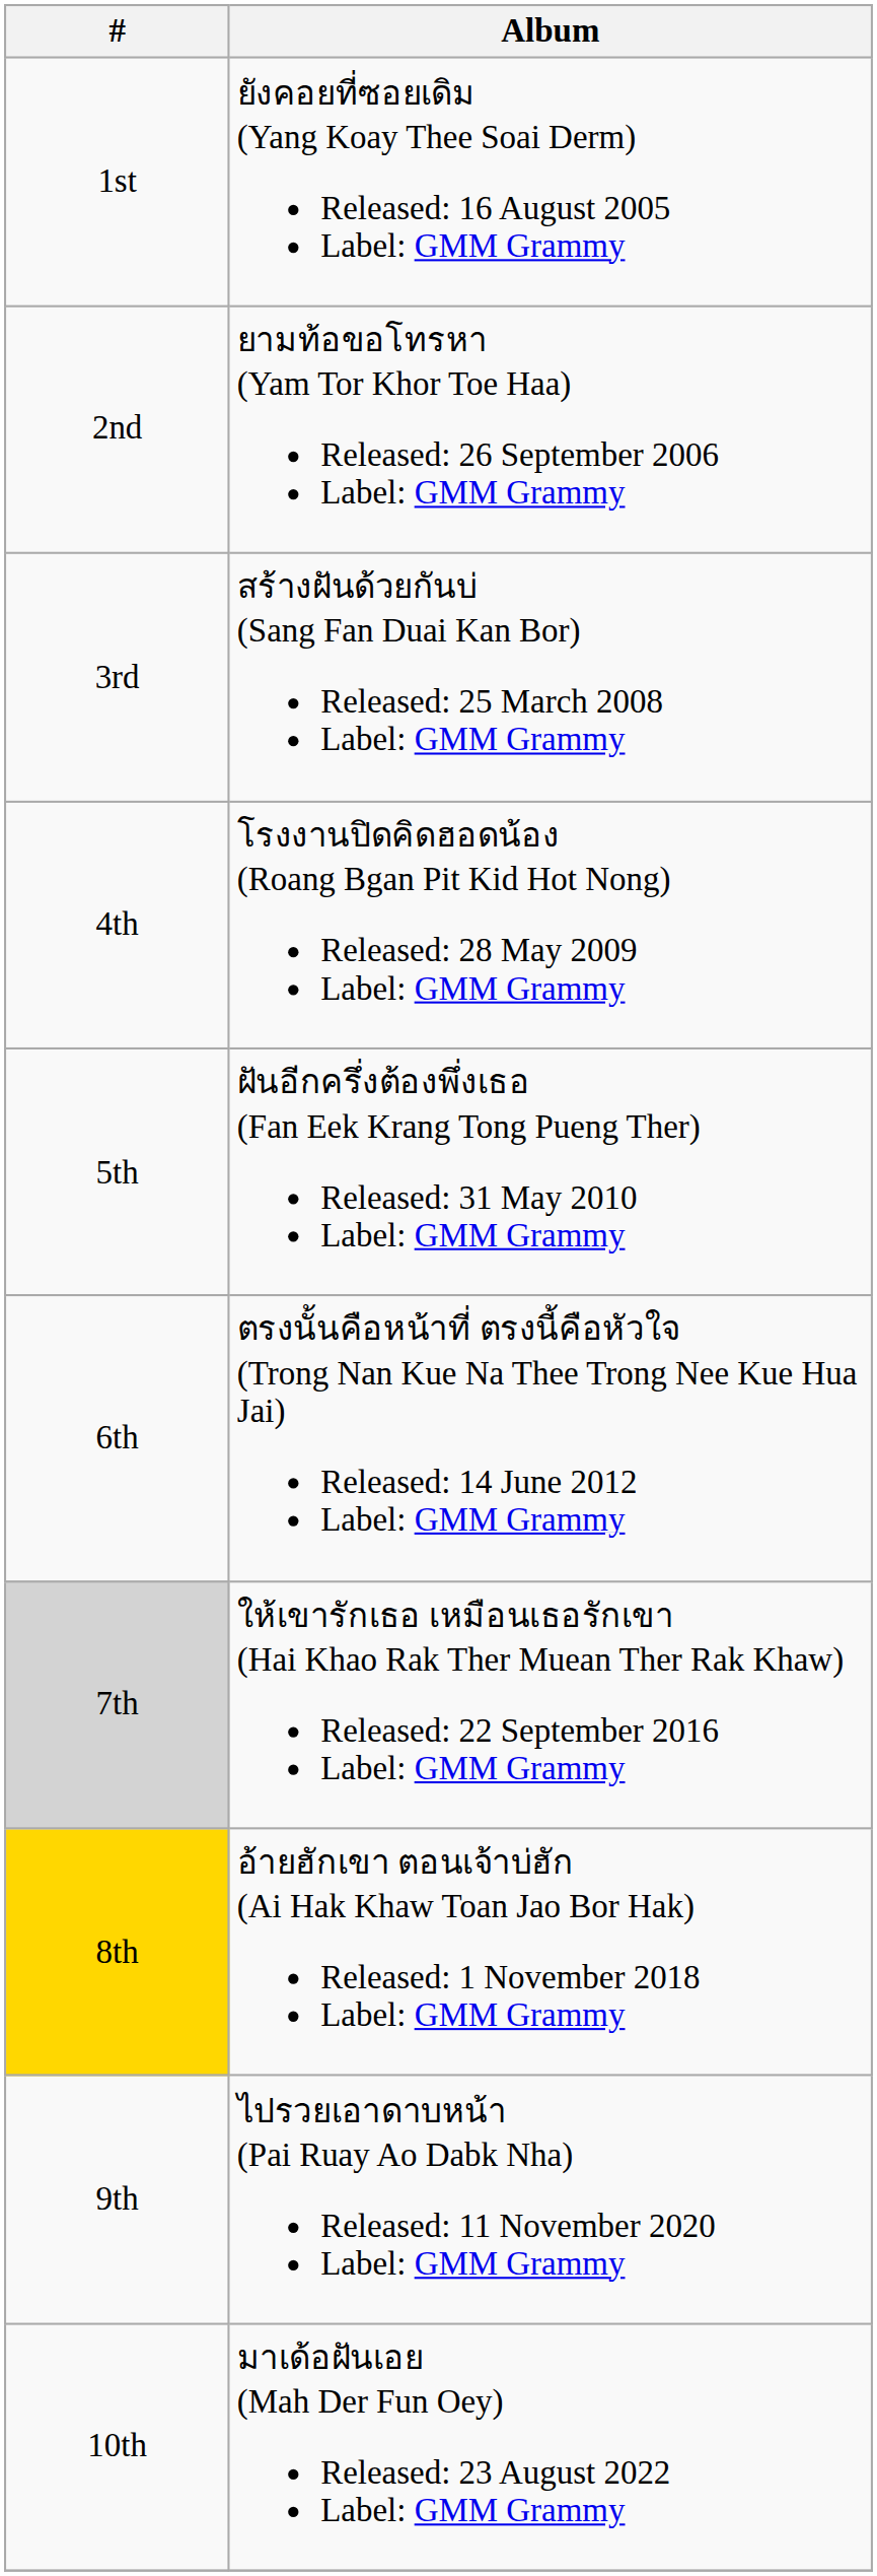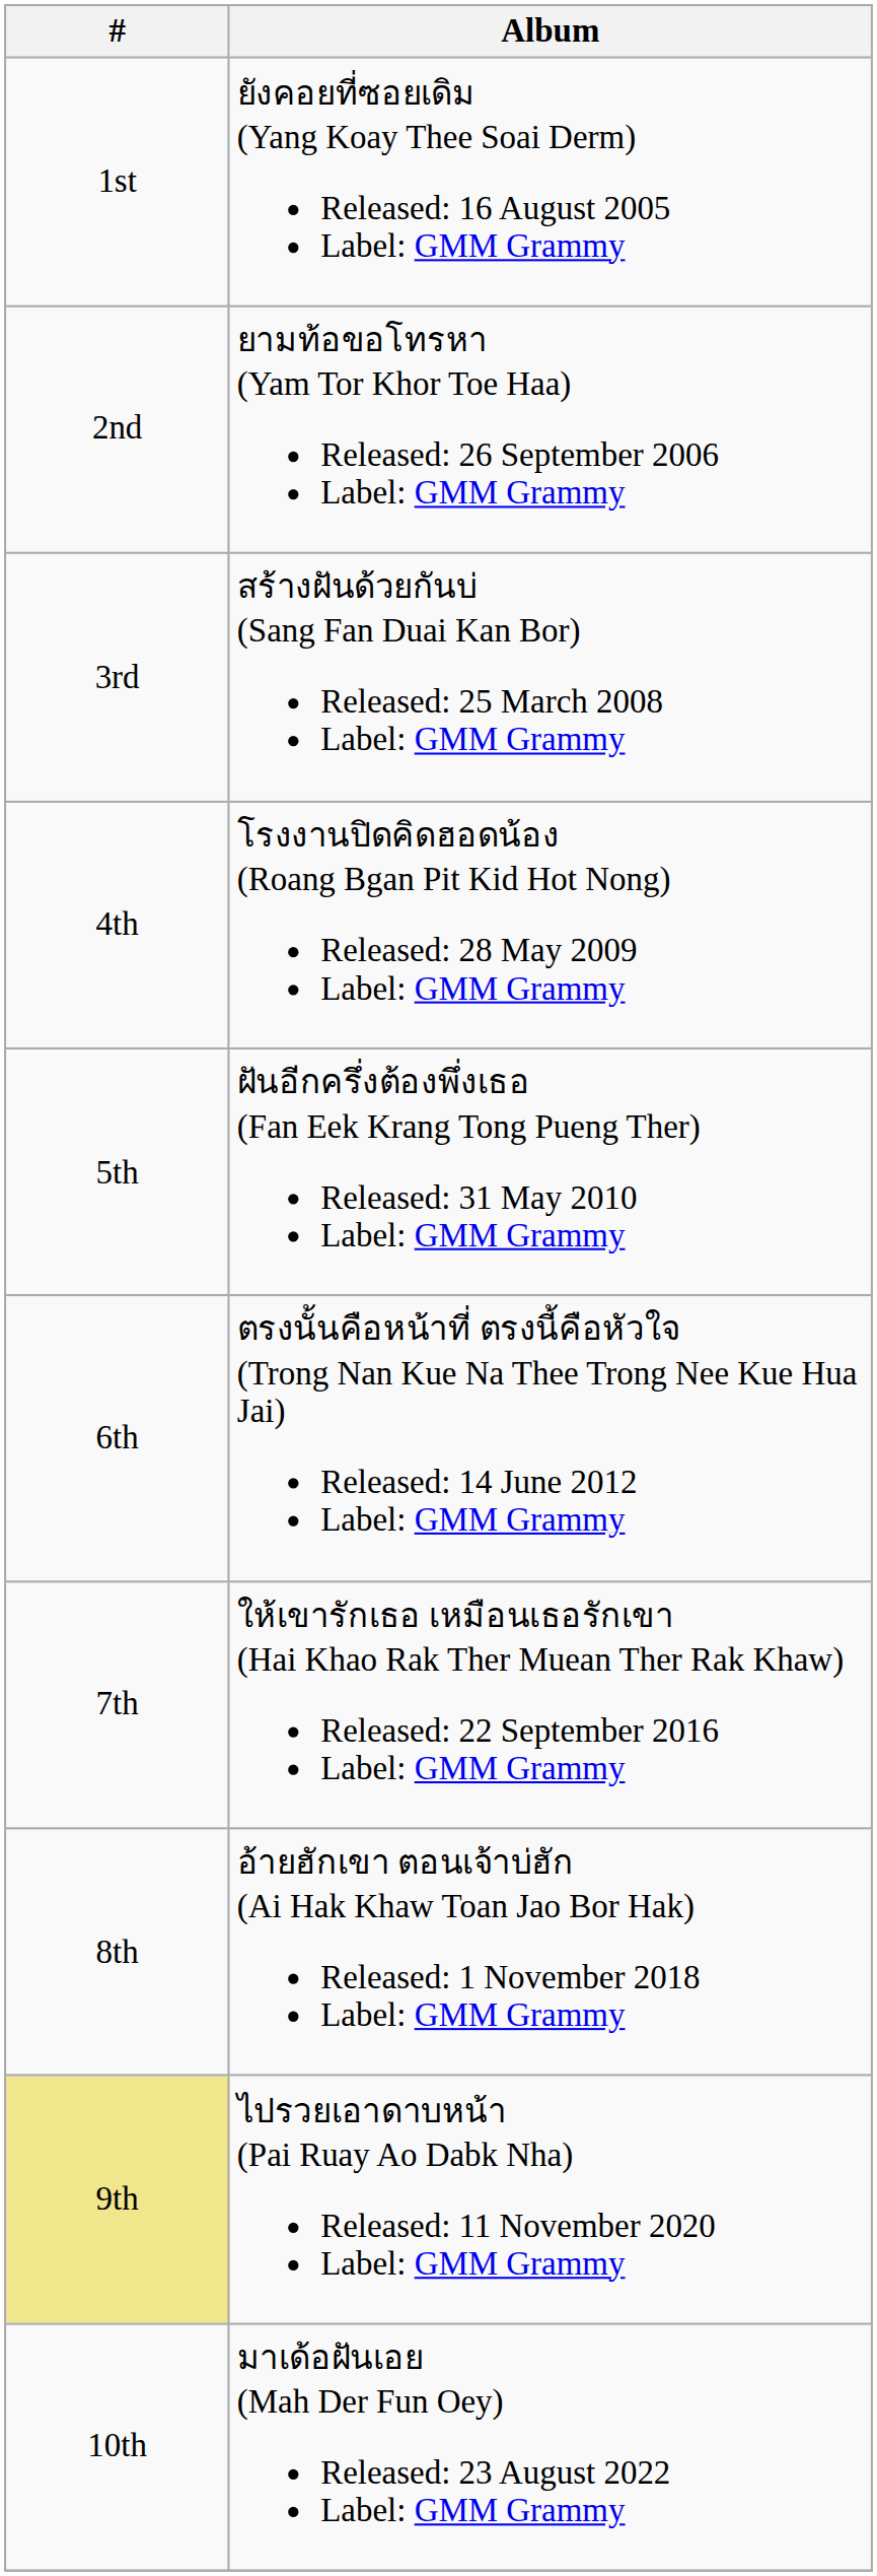 <table class="wikitable">
 <tr>
 <th width="100">#</th>
 <th width="300">Album</th>
 </tr>
 <tr>
 <td style="text-align:center;">1st</td>
 <td>ยังคอยที่ซอยเดิม<br>(Yang Koay Thee Soai Derm)<ul><li>Released: 16 August 2005</li><li>Label: <a href='#'>GMM Grammy</a></li></ul></td>
 </tr>
 <tr>
 <td style="text-align:center;">2nd</td>
 <td>ยามท้อขอโทรหา<br>(Yam Tor Khor Toe Haa)<ul><li>Released: 26 September 2006</li><li>Label: <a href='#'>GMM Grammy</a></li></ul></td>
 </tr>
 <tr>
 <td style="text-align:center;">3rd</td>
 <td>สร้างฝันด้วยกันบ่<br>(Sang Fan Duai Kan Bor)<ul><li>Released: 25 March 2008</li><li>Label: <a href='#'>GMM Grammy</a></li></ul></td>
 </tr>
 <tr>
 <td style="text-align:center;">4th</td>
 <td>โรงงานปิดคิดฮอดน้อง<br>(Roang Bgan Pit Kid Hot Nong)<ul><li>Released: 28 May 2009</li><li>Label: <a href='#'>GMM Grammy</a></li></ul></td>
 </tr>
 <tr>
 <td style="text-align:center;">5th</td>
 <td>ฝันอีกครึ่งต้องพึ่งเธอ<br>(Fan Eek Krang Tong Pueng Ther)<ul><li>Released: 31 May 2010</li><li>Label: <a href='#'>GMM Grammy</a></li></ul></td>
 </tr>
 <tr>
 <td style="text-align:center;">6th</td>
 <td>ตรงนั้นคือหน้าที่ ตรงนี้คือหัวใจ<br>(Trong Nan Kue Na Thee Trong Nee Kue Hua Jai)<ul><li>Released: 14 June 2012</li><li>Label: <a href='#'>GMM Grammy</a></li></ul></td>
 </tr>
 <tr>
-<td style="background: lightgrey; text-align:center;">7th</td>
+<td style="text-align:center;">7th</td>
 <td>ให้เขารักเธอ เหมือนเธอรักเขา<br>(Hai Khao Rak Ther Muean Ther Rak Khaw)<ul><li>Released: 22 September 2016</li><li>Label: <a href='#'>GMM Grammy</a></li></ul></td>
 </tr>
 <tr>
-<td style="background: gold; text-align:center;">8th</td>
+<td style="text-align:center;">8th</td>
 <td>อ้ายฮักเขา ตอนเจ้าบ่ฮัก<br>(Ai Hak Khaw Toan Jao Bor Hak)<ul><li>Released: 1 November 2018</li><li>Label: <a href='#'>GMM Grammy</a></li></ul></td>
 </tr>
 <tr>
-<td style="text-align:center;">9th</td>
+<td style="background: khaki; text-align:center;">9th</td>
 <td>ไปรวยเอาดาบหน้า<br>(Pai Ruay Ao Dabk Nha)<ul><li>Released: 11 November 2020</li><li>Label: <a href='#'>GMM Grammy</a></li></ul></td>
 </tr>
 <tr>
 <td style="text-align:center;">10th</td>
 <td>มาเด้อฝันเอย<br>(Mah Der Fun Oey)<ul><li>Released: 23 August 2022</li><li>Label: <a href='#'>GMM Grammy</a></li></ul></td>
 </tr>
 <tr>
 </tr>
 </table>
